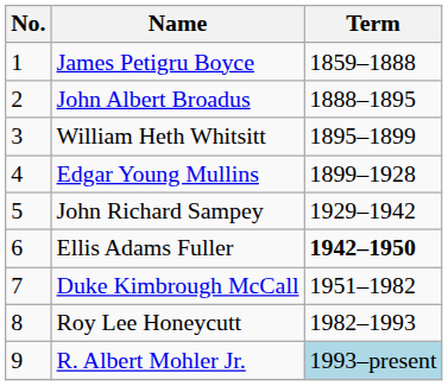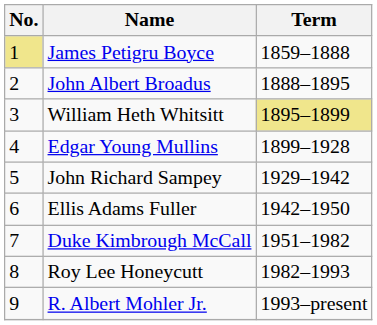 <table class="wikitable">
 <tr>
 <th>No.</th>
 <th>Name</th>
 <th>Term</th>
 </tr>
 <tr>
-<td>1</td>
+<td style="background: khaki;">1</td>
 <td><a href='#'>James Petigru Boyce</a></td>
 <td>1859–1888</td>
 </tr>
 <tr>
 <td>2</td>
 <td><a href='#'>John Albert Broadus</a></td>
 <td>1888–1895</td>
 </tr>
 <tr>
 <td>3</td>
 <td>William Heth Whitsitt</td>
-<td>1895–1899</td>
+<td style="background: khaki;">1895–1899</td>
 </tr>
 <tr>
 <td>4</td>
 <td><a href='#'>Edgar Young Mullins</a></td>
 <td>1899–1928</td>
 </tr>
 <tr>
 <td>5</td>
 <td>John Richard Sampey</td>
 <td>1929–1942</td>
 </tr>
 <tr>
 <td>6</td>
 <td>Ellis Adams Fuller</td>
-<td><strong>1942–1950</strong></td>
+<td>1942–1950</td>
 </tr>
 <tr>
 <td>7</td>
 <td><a href='#'>Duke Kimbrough McCall</a></td>
 <td>1951–1982</td>
 </tr>
 <tr>
 <td>8</td>
 <td>Roy Lee Honeycutt</td>
 <td>1982–1993</td>
 </tr>
 <tr>
 <td>9</td>
 <td><a href='#'>R. Albert Mohler Jr.</a></td>
-<td style="background: lightblue;">1993–present</td>
+<td>1993–present</td>
 </tr>
 <tr>
 </tr>
 </table>
